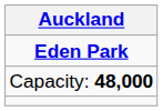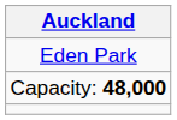 <table class="wikitable" style="text-align:center">
 <tr>
 <th> <a href='#'>Auckland</a></th>
 </tr>
 <tr>
-<td><strong><a href='#'>Eden Park</a></strong></td>
+<td><a href='#'>Eden Park</a></td>
 </tr>
 <tr>
 <td>Capacity: <strong>48,000</strong></td>
 </tr>
 <tr>
 <td></td>
 </tr>
 </table>
